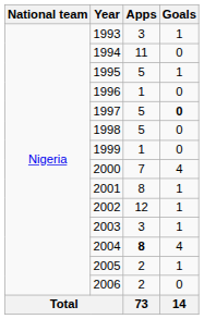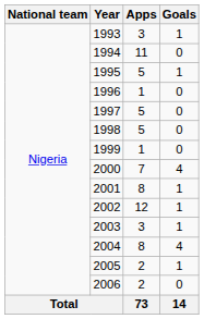 <table class="wikitable" style="text-align:center">
 <tr>
 <th>National team</th>
 <th>Year</th>
 <th>Apps</th>
 <th>Goals</th>
 </tr>
 <tr>
 <td rowspan="14"><a href='#'>Nigeria</a></td>
 <td>1993</td>
 <td>3</td>
 <td>1</td>
 </tr>
 <tr>
 <td>1994</td>
 <td>11</td>
 <td>0</td>
 </tr>
 <tr>
 <td>1995</td>
 <td>5</td>
 <td>1</td>
 </tr>
 <tr>
 <td>1996</td>
 <td>1</td>
 <td>0</td>
 </tr>
 <tr>
 <td>1997</td>
 <td>5</td>
-<td><strong>0</strong></td>
+<td>0</td>
 </tr>
 <tr>
 <td>1998</td>
 <td>5</td>
 <td>0</td>
 </tr>
 <tr>
 <td>1999</td>
 <td>1</td>
 <td>0</td>
 </tr>
 <tr>
 <td>2000</td>
 <td>7</td>
 <td>4</td>
 </tr>
 <tr>
 <td>2001</td>
 <td>8</td>
 <td>1</td>
 </tr>
 <tr>
 <td>2002</td>
 <td>12</td>
 <td>1</td>
 </tr>
 <tr>
 <td>2003</td>
 <td>3</td>
 <td>1</td>
 </tr>
 <tr>
 <td>2004</td>
-<td><strong>8</strong></td>
+<td>8</td>
 <td>4</td>
 </tr>
 <tr>
 <td>2005</td>
 <td>2</td>
 <td>1</td>
 </tr>
 <tr>
 <td>2006</td>
 <td>2</td>
 <td>0</td>
 </tr>
 <tr>
 <th colspan="2">Total</th>
 <th>73</th>
 <th>14</th>
 </tr>
 </table>
